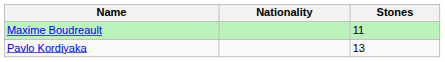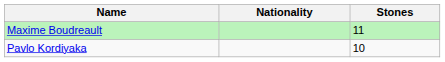 <table class="wikitable" style="display: inline-table; width: 50%;">
 <tr>
 <th>Name</th>
 <th>Nationality</th>
 <th>Stones</th>
 </tr>
 <tr bgcolor=bbf3bb>
 <td><a href='#'>Maxime Boudreault</a></td>
 <td></td>
 <td>11</td>
 </tr>
 <tr>
 <td><a href='#'>Pavlo Kordiyaka</a></td>
 <td></td>
-<td>13</td>
+<td>10</td>
 </tr>
 </table>
